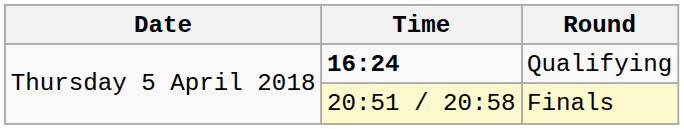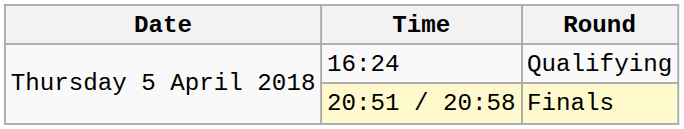 <table class="wikitable">
 <tr>
 <th>Date</th>
 <th>Time</th>
 <th>Round</th>
 </tr>
 <tr>
 <td rowspan=2>Thursday 5 April 2018</td>
-<td><strong>16:24</strong></td>
+<td>16:24</td>
 <td>Qualifying</td>
 </tr>
 <tr>
 <td style=background:lemonchiffon>20:51 / 20:58</td>
 <td style=background:lemonchiffon>Finals</td>
 </tr>
 </table>
